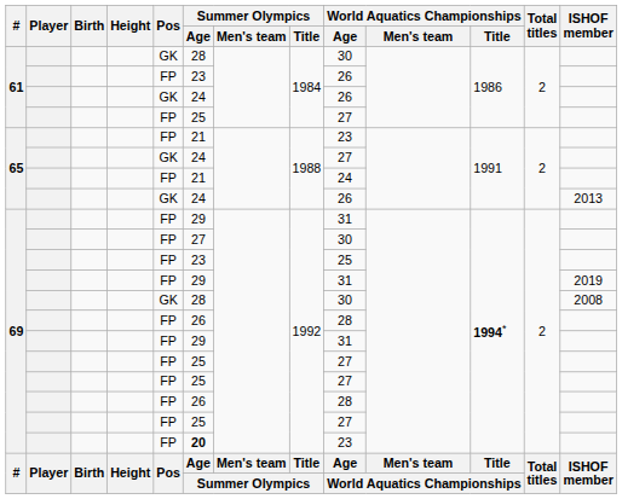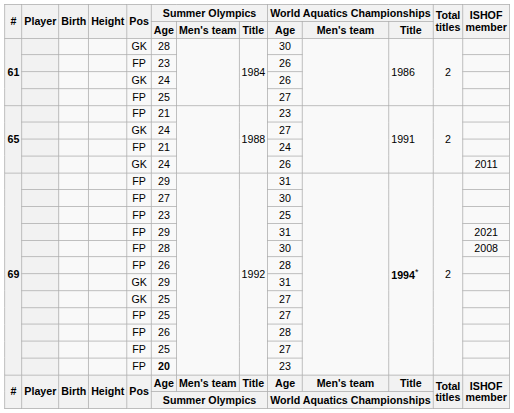 <table class="wikitable sortable plainrowheaders sticky-header-multi" style="text-align: center; font-size: 90%; margin-left: 1em;">
 <tr>
 <th scope="col" rowspan="2">#</th>
 <th scope="col" rowspan="2">Player</th>
 <th scope="col" rowspan="2">Birth</th>
 <th scope="col" rowspan="2">Height</th>
 <th scope="col" rowspan="2">Pos</th>
 <th scope="colgroup" colspan="3">Summer Olympics</th>
 <th scope="colgroup" colspan="3">World Aquatics Championships</th>
 <th scope="col" rowspan="2">Total<br>titles</th>
 <th scope="col" rowspan="2">ISHOF<br>member</th>
 </tr>
 <tr>
 <th scope="col">Age</th>
 <th scope="col">Men's team</th>
 <th scope="col">Title</th>
 <th scope="col">Age</th>
 <th scope="col">Men's team</th>
 <th scope="col">Title</th>
 </tr>
 <tr>
 <th scope="rowgroup" rowspan="4" style="text-align: center;"><strong>61</strong></th>
 <th scope="row"></th>
 <td></td>
 <td style="text-align: left;"></td>
 <td>GK</td>
 <td>28</td>
 <td rowspan="4" style="text-align: left;"></td>
 <td rowspan="4" style="text-align: left;">1984</td>
 <td>30</td>
 <td rowspan="4" style="text-align: left;"></td>
 <td rowspan="4" style="text-align: left;">1986</td>
 <td rowspan="4">2</td>
 <td></td>
 </tr>
 <tr>
 <th scope="row"></th>
 <td></td>
 <td style="text-align: left;"></td>
 <td>FP</td>
 <td>23</td>
 <td>26</td>
 <td></td>
 </tr>
 <tr>
 <th scope="row"></th>
 <td></td>
 <td style="text-align: left;"></td>
 <td>GK</td>
 <td>24</td>
 <td>26</td>
 <td></td>
 </tr>
 <tr>
 <th scope="row"></th>
 <td></td>
 <td style="text-align: left;"></td>
 <td>FP</td>
 <td>25</td>
 <td>27</td>
 <td></td>
 </tr>
 <tr>
 <th scope="rowgroup" rowspan="4" style="text-align: center;"><strong>65</strong></th>
 <th scope="row"></th>
 <td></td>
 <td style="text-align: left;"></td>
 <td>FP</td>
 <td>21</td>
 <td rowspan="4" style="text-align: left;"></td>
 <td rowspan="4" style="text-align: left;">1988</td>
 <td>23</td>
 <td rowspan="4" style="text-align: left;"></td>
 <td rowspan="4" style="text-align: left;">1991</td>
 <td rowspan="4">2</td>
 <td></td>
 </tr>
 <tr>
 <th scope="row"></th>
 <td></td>
 <td style="text-align: left;"></td>
 <td>GK</td>
 <td>24</td>
 <td>27</td>
 <td></td>
 </tr>
 <tr>
 <th scope="row"></th>
 <td></td>
 <td style="text-align: left;"></td>
 <td>FP</td>
 <td>21</td>
 <td>24</td>
 <td></td>
 </tr>
 <tr>
 <th scope="row"></th>
 <td></td>
 <td style="text-align: left;"></td>
 <td>GK</td>
 <td>24</td>
 <td>26</td>
-<td>2013</td>
+<td>2011</td>
 </tr>
 <tr>
 <th scope="rowgroup" rowspan="12" style="text-align: center;"><strong>69</strong></th>
 <th scope="row"></th>
 <td></td>
 <td style="text-align: left;"></td>
 <td>FP</td>
 <td>29</td>
 <td rowspan="12" style="text-align: left;"></td>
 <td rowspan="12" style="text-align: left;">1992</td>
 <td>31</td>
 <td rowspan="12" style="text-align: left;"></td>
 <td rowspan="12" style="text-align: left;"><strong>1994</strong><sup>*</sup></td>
 <td rowspan="12">2</td>
 <td></td>
 </tr>
 <tr>
 <th scope="row"></th>
 <td></td>
 <td style="text-align: left;"></td>
 <td>FP</td>
 <td>27</td>
 <td>30</td>
 <td></td>
 </tr>
 <tr>
 <th scope="row"></th>
 <td></td>
 <td style="text-align: left;"></td>
 <td>FP</td>
 <td>23</td>
 <td>25</td>
 <td></td>
 </tr>
 <tr>
 <th scope="row"></th>
 <td></td>
 <td style="text-align: left;"></td>
 <td>FP</td>
 <td>29</td>
 <td>31</td>
-<td>2019</td>
+<td>2021</td>
 </tr>
 <tr>
 <th scope="row"></th>
 <td></td>
 <td style="text-align: left;"></td>
-<td>GK</td>
+<td>FP</td>
 <td>28</td>
 <td>30</td>
 <td>2008</td>
 </tr>
 <tr>
 <th scope="row"></th>
 <td></td>
 <td style="text-align: left;"></td>
 <td>FP</td>
 <td>26</td>
 <td>28</td>
 <td></td>
 </tr>
 <tr>
 <th scope="row"></th>
 <td></td>
 <td style="text-align: left;"></td>
-<td>FP</td>
+<td>GK</td>
 <td>29</td>
 <td>31</td>
 <td></td>
 </tr>
 <tr>
 <th scope="row"></th>
 <td></td>
 <td></td>
-<td>FP</td>
+<td>GK</td>
 <td>25</td>
 <td>27</td>
 <td></td>
 </tr>
 <tr>
 <th scope="row"></th>
 <td></td>
 <td style="text-align: left;"></td>
 <td>FP</td>
 <td>25</td>
 <td>27</td>
 <td></td>
 </tr>
 <tr>
 <th scope="row"></th>
 <td></td>
 <td style="text-align: left;"></td>
 <td>FP</td>
 <td>26</td>
 <td>28</td>
 <td></td>
 </tr>
 <tr>
 <th scope="row"></th>
 <td></td>
 <td></td>
 <td>FP</td>
 <td>25</td>
 <td>27</td>
 <td></td>
 </tr>
 <tr>
 <th scope="row"></th>
 <td></td>
 <td style="text-align: left;"></td>
 <td>FP</td>
 <td><strong>20</strong></td>
 <td>23</td>
 <td></td>
 </tr>
 <tr class="sortbottom">
 <th rowspan="2">#</th>
 <th rowspan="2">Player</th>
 <th rowspan="2">Birth</th>
 <th rowspan="2">Height</th>
 <th rowspan="2">Pos</th>
 <th>Age</th>
 <th>Men's team</th>
 <th>Title</th>
 <th>Age</th>
 <th>Men's team</th>
 <th>Title</th>
 <th rowspan="2">Total<br>titles</th>
 <th rowspan="2">ISHOF<br>member</th>
 </tr>
 <tr class="sortbottom">
 <th colspan="3">Summer Olympics</th>
 <th colspan="3">World Aquatics Championships</th>
 </tr>
 </table>
